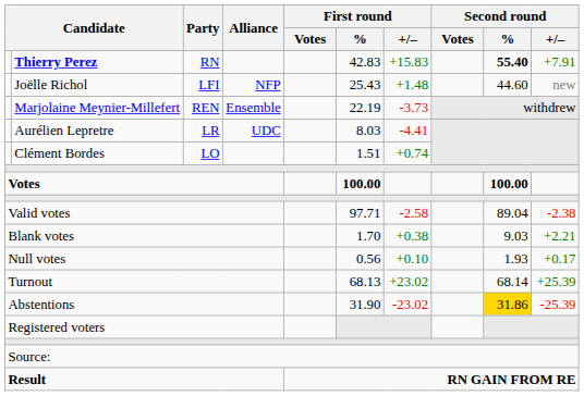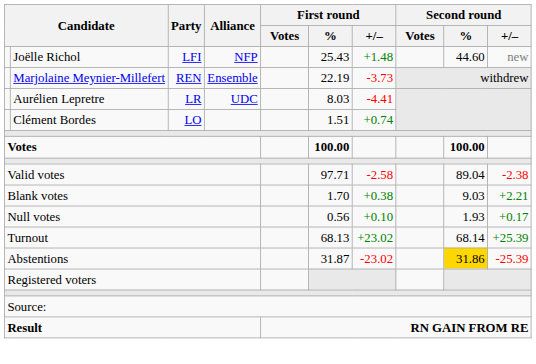 <table class="wikitable" style="text-align:right;font-size:95%;">
 <tr>
 <th rowspan="2" colspan="2">Candidate</th>
 <th colspan="1" rowspan="2">Party</th>
 <th colspan="1" rowspan="2">Alliance</th>
 <th colspan="3">First round</th>
 <th colspan="3">Second round</th>
 </tr>
 <tr>
 <th style="width:50px;">Votes</th>
 <th style="width:45px;">%</th>
 <th style="width:45px;">+/–</th>
 <th style="width:50px;">Votes</th>
 <th style="width:45px;">%</th>
 <th style="width:45px;">+/–</th>
-</tr>
-<tr>
-<td style="color:inherit;background:"></td>
-<td style="text-align:left;"><strong><a href='#'>Thierry Perez</a></strong></td>
-<td><a href='#'>RN</a></td>
-<td></td>
-<td></td>
-<td>42.83</td>
-<td style="color:green;">+15.83</td>
-<td><strong></strong></td>
-<td><strong>55.40</strong></td>
-<td style="color:green;">+7.91</td>
 </tr>
 <tr>
 <td style="color:inherit;background:"></td>
 <td style="text-align:left;">Joëlle Richol</td>
 <td><a href='#'>LFI</a></td>
 <td><a href='#'>NFP</a></td>
 <td></td>
 <td>25.43</td>
 <td style="color:green;">+1.48</td>
 <td></td>
 <td>44.60</td>
 <td style="color:grey;">new</td>
 </tr>
 <tr>
 <td style="color:inherit;background:"></td>
 <td style="text-align:left;"><a href='#'>Marjolaine Meynier-Millefert</a></td>
 <td><a href='#'>REN</a></td>
 <td><a href='#'>Ensemble</a></td>
 <td></td>
 <td>22.19</td>
 <td style="color:red;">-3.73</td>
 <td colspan="3" style="background:#E9E9E9;">withdrew</td>
 </tr>
 <tr>
 <td style="color:inherit;background:"></td>
 <td style="text-align:left;">Aurélien Lepretre</td>
 <td><a href='#'>LR</a></td>
 <td><a href='#'>UDC</a></td>
 <td></td>
 <td>8.03</td>
 <td style="color:red;">-4.41</td>
 <td colspan="3" rowspan="2" style="background:#E9E9E9;"></td>
 </tr>
 <tr>
 <td style="color:inherit;background:"></td>
 <td style="text-align:left;">Clément Bordes</td>
 <td><a href='#'>LO</a></td>
 <td></td>
 <td></td>
 <td>1.51</td>
 <td style="color:green;">+0.74</td>
 </tr>
 <tr>
 <td colspan="10" style="background:#E9E9E9;"></td>
 </tr>
 <tr style="font-weight:bold;">
 <td colspan="4" style="text-align:left;">Votes</td>
 <td></td>
 <td>100.00</td>
 <td></td>
 <td></td>
 <td>100.00</td>
 <td></td>
 </tr>
 <tr>
 <td colspan="10" style="background:#E9E9E9;"></td>
 </tr>
 <tr>
 <td colspan="4" style="text-align:left;">Valid votes</td>
 <td></td>
 <td>97.71</td>
 <td style="color:red;">-2.58</td>
 <td></td>
 <td>89.04</td>
 <td style="color:red;">-2.38</td>
 </tr>
 <tr>
 <td colspan="4" style="text-align:left;">Blank votes</td>
 <td></td>
 <td>1.70</td>
 <td style="color:green;">+0.38</td>
 <td></td>
 <td>9.03</td>
 <td style="color:green;">+2.21</td>
 </tr>
 <tr>
 <td colspan="4" style="text-align:left;">Null votes</td>
 <td></td>
 <td>0.56</td>
 <td style="color:green;">+0.10</td>
 <td></td>
 <td>1.93</td>
 <td style="color:green;">+0.17</td>
 </tr>
 <tr>
 <td colspan="4" style="text-align:left;">Turnout</td>
 <td></td>
 <td>68.13</td>
 <td style="color:green;">+23.02</td>
 <td></td>
 <td>68.14</td>
 <td style="color:green;">+25.39</td>
 </tr>
 <tr>
 <td colspan="4" style="text-align:left;">Abstentions</td>
 <td></td>
-<td>31.90</td>
+<td>31.87</td>
 <td style="color:red;">-23.02</td>
 <td></td>
 <td style="background: gold;">31.86</td>
 <td style="color:red;">-25.39</td>
 </tr>
 <tr>
 <td colspan="4" style="text-align:left;">Registered voters</td>
 <td></td>
 <td colspan="2" style="background:#E9E9E9;"></td>
 <td></td>
 <td colspan="2" style="background:#E9E9E9;"></td>
 </tr>
 <tr>
 <td colspan="10" style="background:#E9E9E9;"></td>
 </tr>
 <tr>
 <td colspan="10" style="text-align:left;">Source: </td>
 </tr>
 <tr style="font-weight:bold">
 <td colspan="4" style="text-align:left;">Result</td>
 <td colspan="6" style="background-color:">RN GAIN FROM RE</td>
 </tr>
 </table>
